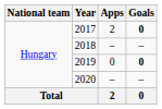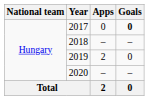 <table class=wikitable style=text-align:center>
 <tr>
 <th>National team</th>
 <th>Year</th>
 <th>Apps</th>
 <th>Goals</th>
 </tr>
 <tr>
 <td rowspan=4><a href='#'>Hungary</a></td>
 <td>2017</td>
-<td>2</td>
+<td>0</td>
 <td><strong>0</strong></td>
 </tr>
 <tr>
 <td>2018</td>
 <td>–</td>
 <td>–</td>
 </tr>
 <tr>
 <td>2019</td>
+<td>2</td>
 <td>0</td>
-<td><strong>0</strong></td>
 </tr>
 <tr>
 <td>2020</td>
 <td>–</td>
 <td>–</td>
 </tr>
 <tr>
 <th colspan=2>Total</th>
 <th>2</th>
 <th>0</th>
 </tr>
 </table>
